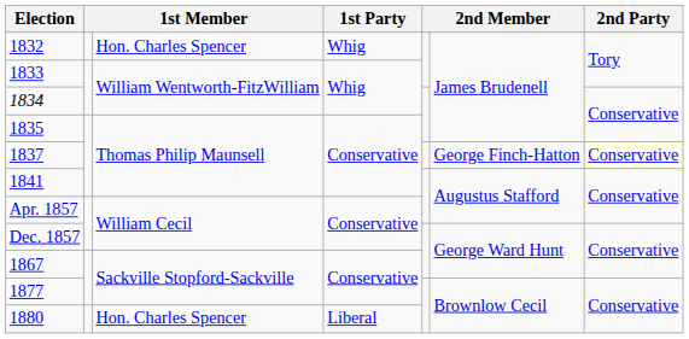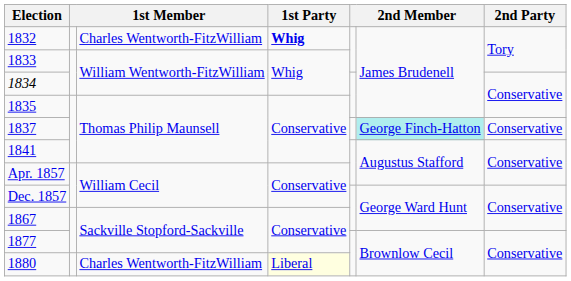 <table class="wikitable">
 <tr>
 <th>Election</th>
 <th colspan="2">1st Member</th>
 <th>1st Party</th>
 <th colspan="2">2nd Member</th>
 <th>2nd Party</th>
 </tr>
 <tr>
 <td><a href='#'>1832</a></td>
 <td style="color:inherit;background-color: "></td>
-<td><a href='#'>Hon. Charles Spencer</a></td>
-<td><a href='#'>Whig</a></td>
+<td><a href='#'>Charles Wentworth-FitzWilliam</a></td>
+<td><strong><a href='#'>Whig</a></strong></td>
 <td rowspan="2" style="color:inherit;background-color: "></td>
 <td rowspan="4"><a href='#'>James Brudenell</a></td>
 <td rowspan="2"><a href='#'>Tory</a></td>
 </tr>
 <tr>
 <td><a href='#'>1833</a></td>
 <td rowspan="2" style="color:inherit;background-color: "></td>
 <td rowspan="2"><a href='#'>William Wentworth-FitzWilliam</a></td>
 <td rowspan="2"><a href='#'>Whig</a></td>
 </tr>
 <tr>
 <td><em>1834</em></td>
 <td rowspan="2" style="color:inherit;background-color: "></td>
 <td rowspan="2"><a href='#'>Conservative</a></td>
 </tr>
 <tr>
 <td><a href='#'>1835</a></td>
 <td rowspan="3" style="color:inherit;background-color: "></td>
 <td rowspan="3"><a href='#'>Thomas Philip Maunsell</a></td>
 <td rowspan="3"><a href='#'>Conservative</a></td>
 </tr>
 <tr>
 <td><a href='#'>1837</a></td>
 <td style="color:inherit;background-color: "></td>
-<td><a href='#'>George Finch-Hatton</a></td>
-<td style="background: lightyellow;"><a href='#'>Conservative</a></td>
+<td style="background: paleturquoise;"><a href='#'>George Finch-Hatton</a></td>
+<td><a href='#'>Conservative</a></td>
 </tr>
 <tr>
 <td><a href='#'>1841</a></td>
 <td rowspan="2" style="color:inherit;background-color: "></td>
 <td rowspan="2"><a href='#'>Augustus Stafford</a></td>
 <td rowspan="2"><a href='#'>Conservative</a></td>
 </tr>
 <tr>
 <td><a href='#'>Apr. 1857</a></td>
 <td rowspan="2" style="color:inherit;background-color: "></td>
 <td rowspan="2"><a href='#'>William Cecil</a></td>
 <td rowspan="2"><a href='#'>Conservative</a></td>
 </tr>
 <tr>
 <td><a href='#'>Dec. 1857</a></td>
 <td rowspan="2" style="color:inherit;background-color: "></td>
 <td rowspan="2"><a href='#'>George Ward Hunt</a></td>
 <td rowspan="2"><a href='#'>Conservative</a></td>
 </tr>
 <tr>
 <td><a href='#'>1867</a></td>
 <td rowspan="2" style="color:inherit;background-color: "></td>
 <td rowspan="2"><a href='#'>Sackville Stopford-Sackville</a></td>
 <td rowspan="2"><a href='#'>Conservative</a></td>
 </tr>
 <tr>
 <td><a href='#'>1877</a></td>
 <td rowspan="2" style="color:inherit;background-color: "></td>
 <td rowspan="2"><a href='#'>Brownlow Cecil</a></td>
 <td rowspan="2"><a href='#'>Conservative</a></td>
 </tr>
 <tr>
 <td><a href='#'>1880</a></td>
 <td style="color:inherit;background-color: "></td>
-<td><a href='#'>Hon. Charles Spencer</a></td>
-<td><a href='#'>Liberal</a></td>
+<td><a href='#'>Charles Wentworth-FitzWilliam</a></td>
+<td style="background: lightyellow;"><a href='#'>Liberal</a></td>
 </tr>
 </table>
